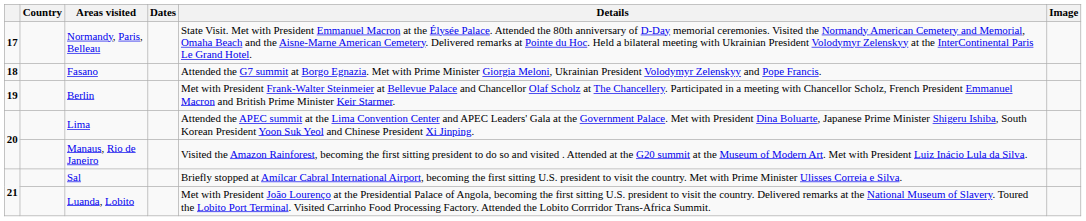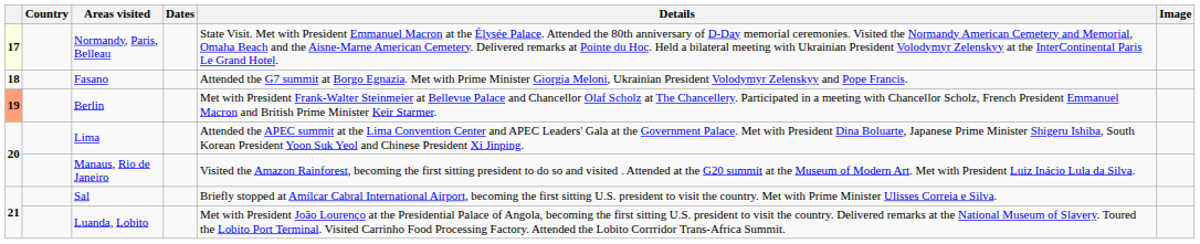 <table class="wikitable sortable" style="margin: 1em auto 1em auto">
 <tr>
 <th></th>
 <th>Country</th>
 <th>Areas visited</th>
 <th>Dates</th>
 <th class="unsortable">Details</th>
 <th class="unsortable">Image</th>
 </tr>
 <tr>
-<td><strong>17</strong></td>
+<td style="background: lightyellow;"><strong>17</strong></td>
 <td></td>
 <td><a href='#'>Normandy</a>, <a href='#'>Paris</a>, <a href='#'>Belleau</a></td>
 <td></td>
 <td>State Visit. Met with President <a href='#'>Emmanuel Macron</a> at the <a href='#'>Élysée Palace</a>. Attended the 80th anniversary of <a href='#'>D-Day</a> memorial ceremonies. Visited the <a href='#'>Normandy American Cemetery and Memorial</a>, <a href='#'>Omaha Beach</a> and the <a href='#'>Aisne-Marne American Cemetery</a>. Delivered remarks at <a href='#'>Pointe du Hoc</a>. Held a bilateral meeting with Ukrainian President <a href='#'>Volodymyr Zelenskyy</a> at the <a href='#'>InterContinental Paris Le Grand Hotel</a>.</td>
 <td></td>
 </tr>
 <tr>
 <td><strong>18</strong></td>
 <td></td>
 <td><a href='#'>Fasano</a></td>
 <td></td>
 <td>Attended the <a href='#'>G7 summit</a> at <a href='#'>Borgo Egnazia</a>. Met with Prime Minister <a href='#'>Giorgia Meloni</a>, Ukrainian President <a href='#'>Volodymyr Zelenskyy</a> and <a href='#'>Pope Francis</a>.</td>
 <td></td>
 </tr>
 <tr>
-<td><strong>19</strong></td>
+<td style="background: lightsalmon;"><strong>19</strong></td>
 <td></td>
 <td><a href='#'>Berlin</a></td>
 <td></td>
 <td>Met with President <a href='#'>Frank-Walter Steinmeier</a> at <a href='#'>Bellevue Palace</a> and Chancellor <a href='#'>Olaf Scholz</a> at <a href='#'>The Chancellery</a>. Participated in a meeting with Chancellor Scholz, French President <a href='#'>Emmanuel Macron</a> and British Prime Minister <a href='#'>Keir Starmer</a>.</td>
 <td></td>
 </tr>
 <tr>
 <td rowspan="2"><strong>20</strong></td>
 <td></td>
 <td><a href='#'>Lima</a></td>
 <td></td>
 <td>Attended the <a href='#'>APEC summit</a> at the <a href='#'>Lima Convention Center</a> and APEC Leaders' Gala at the <a href='#'>Government Palace</a>. Met with President <a href='#'>Dina Boluarte</a>, Japanese Prime Minister <a href='#'>Shigeru Ishiba</a>, South Korean President <a href='#'>Yoon Suk Yeol</a> and Chinese President <a href='#'>Xi Jinping</a>.</td>
 <td></td>
 </tr>
 <tr>
 <td></td>
 <td><a href='#'>Manaus</a>, <a href='#'>Rio de Janeiro</a></td>
 <td></td>
 <td>Visited the <a href='#'>Amazon Rainforest</a>, becoming the first sitting president to do so and visited . Attended at the <a href='#'>G20 summit</a> at the <a href='#'>Museum of Modern Art</a>. Met with President <a href='#'>Luiz Inácio Lula da Silva</a>.</td>
 <td></td>
 </tr>
 <tr>
 <td rowspan="2"><strong>21</strong></td>
 <td></td>
 <td><a href='#'>Sal</a></td>
 <td></td>
 <td>Briefly stopped at <a href='#'>Amílcar Cabral International Airport</a>, becoming the first sitting U.S. president to visit the country. Met with Prime Minister <a href='#'>Ulisses Correia e Silva</a>.</td>
 <td></td>
 </tr>
 <tr>
 <td></td>
 <td><a href='#'>Luanda</a>, <a href='#'>Lobito</a></td>
 <td></td>
 <td>Met with President <a href='#'>João Lourenço</a> at the Presidential Palace of Angola, becoming the first sitting U.S. president to visit the country. Delivered remarks at the <a href='#'>National Museum of Slavery</a>. Toured the <a href='#'>Lobito Port Terminal</a>. Visited Carrinho Food Processing Factory. Attended the Lobito Corrridor Trans-Africa Summit.</td>
 <td></td>
 </tr>
 </table>
